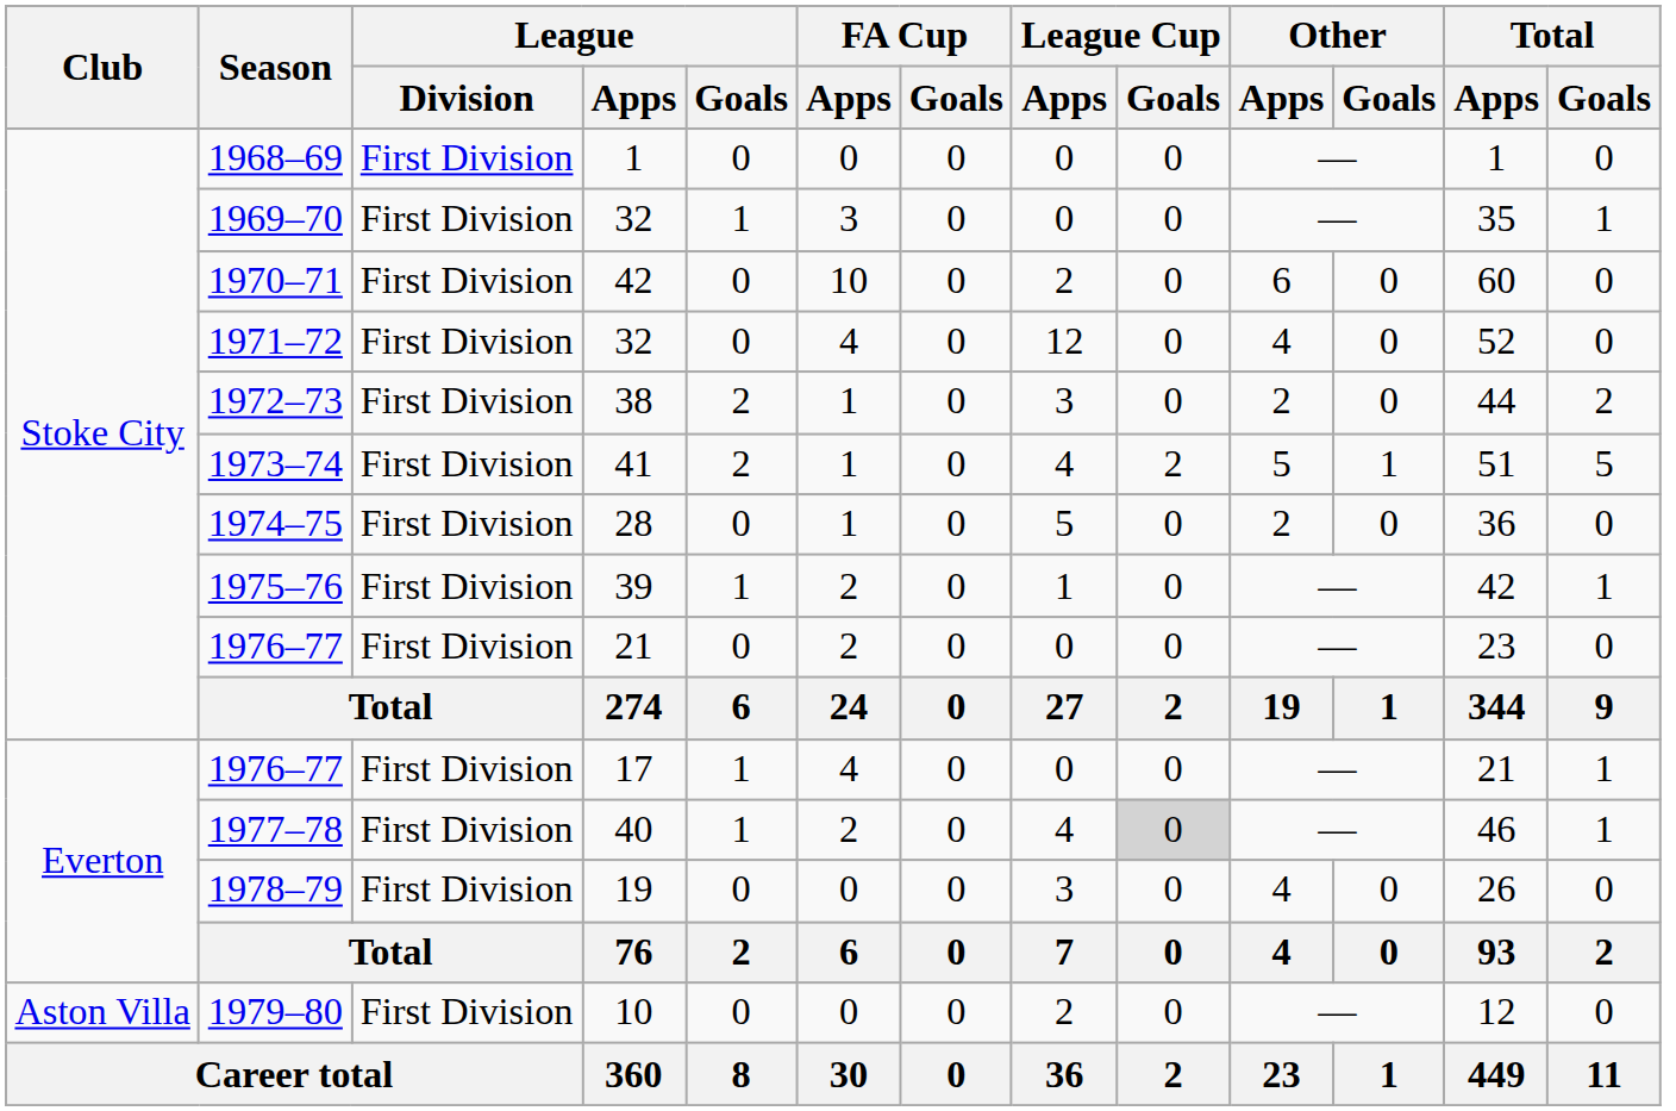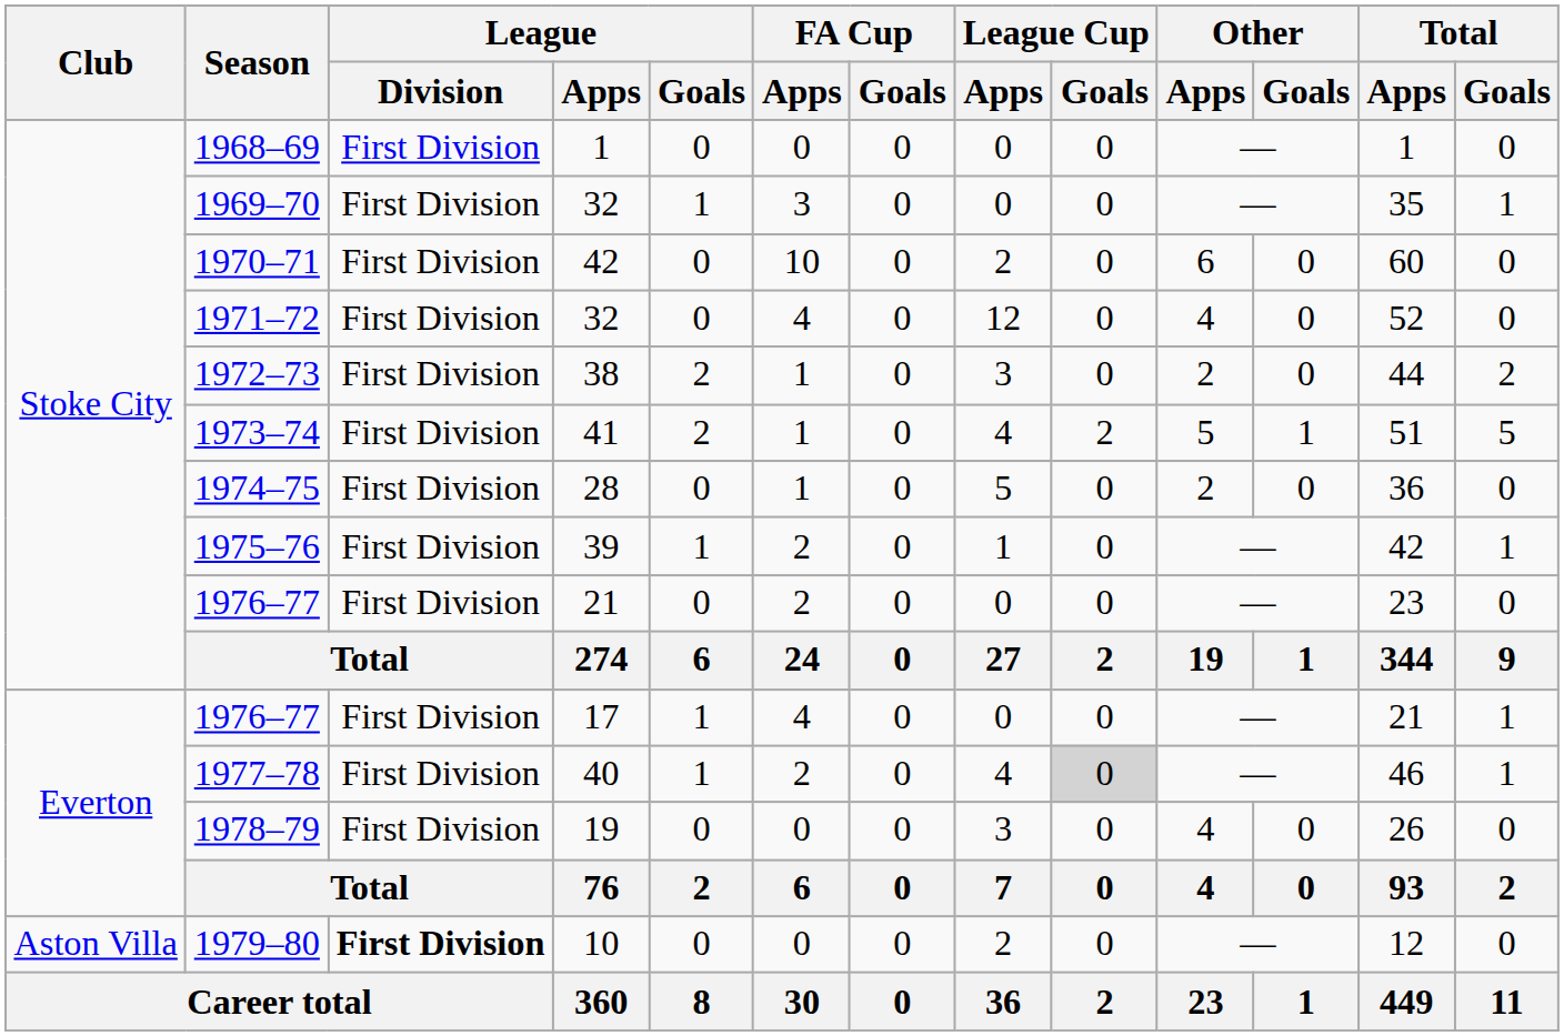 <table class="wikitable" style="text-align:center">
 <tr>
 <th rowspan="2">Club</th>
 <th rowspan="2">Season</th>
 <th colspan="3">League</th>
 <th colspan="2">FA Cup</th>
 <th colspan="2">League Cup</th>
 <th colspan="2">Other</th>
 <th colspan="2">Total</th>
 </tr>
 <tr>
 <th>Division</th>
 <th>Apps</th>
 <th>Goals</th>
 <th>Apps</th>
 <th>Goals</th>
 <th>Apps</th>
 <th>Goals</th>
 <th>Apps</th>
 <th>Goals</th>
 <th>Apps</th>
 <th>Goals</th>
 </tr>
 <tr>
 <td rowspan="10"><a href='#'>Stoke City</a></td>
 <td><a href='#'>1968–69</a></td>
 <td><a href='#'>First Division</a></td>
 <td>1</td>
 <td>0</td>
 <td>0</td>
 <td>0</td>
 <td>0</td>
 <td>0</td>
 <td colspan="2">—</td>
 <td>1</td>
 <td>0</td>
 </tr>
 <tr>
 <td><a href='#'>1969–70</a></td>
 <td>First Division</td>
 <td>32</td>
 <td>1</td>
 <td>3</td>
 <td>0</td>
 <td>0</td>
 <td>0</td>
 <td colspan="2">—</td>
 <td>35</td>
 <td>1</td>
 </tr>
 <tr>
 <td><a href='#'>1970–71</a></td>
 <td>First Division</td>
 <td>42</td>
 <td>0</td>
 <td>10</td>
 <td>0</td>
 <td>2</td>
 <td>0</td>
 <td>6</td>
 <td>0</td>
 <td>60</td>
 <td>0</td>
 </tr>
 <tr>
 <td><a href='#'>1971–72</a></td>
 <td>First Division</td>
 <td>32</td>
 <td>0</td>
 <td>4</td>
 <td>0</td>
 <td>12</td>
 <td>0</td>
 <td>4</td>
 <td>0</td>
 <td>52</td>
 <td>0</td>
 </tr>
 <tr>
 <td><a href='#'>1972–73</a></td>
 <td>First Division</td>
 <td>38</td>
 <td>2</td>
 <td>1</td>
 <td>0</td>
 <td>3</td>
 <td>0</td>
 <td>2</td>
 <td>0</td>
 <td>44</td>
 <td>2</td>
 </tr>
 <tr>
 <td><a href='#'>1973–74</a></td>
 <td>First Division</td>
 <td>41</td>
 <td>2</td>
 <td>1</td>
 <td>0</td>
 <td>4</td>
 <td>2</td>
 <td>5</td>
 <td>1</td>
 <td>51</td>
 <td>5</td>
 </tr>
 <tr>
 <td><a href='#'>1974–75</a></td>
 <td>First Division</td>
 <td>28</td>
 <td>0</td>
 <td>1</td>
 <td>0</td>
 <td>5</td>
 <td>0</td>
 <td>2</td>
 <td>0</td>
 <td>36</td>
 <td>0</td>
 </tr>
 <tr>
 <td><a href='#'>1975–76</a></td>
 <td>First Division</td>
 <td>39</td>
 <td>1</td>
 <td>2</td>
 <td>0</td>
 <td>1</td>
 <td>0</td>
 <td colspan="2">—</td>
 <td>42</td>
 <td>1</td>
 </tr>
 <tr>
 <td><a href='#'>1976–77</a></td>
 <td>First Division</td>
 <td>21</td>
 <td>0</td>
 <td>2</td>
 <td>0</td>
 <td>0</td>
 <td>0</td>
 <td colspan="2">—</td>
 <td>23</td>
 <td>0</td>
 </tr>
 <tr>
 <th colspan="2">Total</th>
 <th>274</th>
 <th>6</th>
 <th>24</th>
 <th>0</th>
 <th>27</th>
 <th>2</th>
 <th>19</th>
 <th>1</th>
 <th>344</th>
 <th>9</th>
 </tr>
 <tr>
 <td rowspan="4"><a href='#'>Everton</a></td>
 <td><a href='#'>1976–77</a></td>
 <td>First Division</td>
 <td>17</td>
 <td>1</td>
 <td>4</td>
 <td>0</td>
 <td>0</td>
 <td>0</td>
 <td colspan="2">—</td>
 <td>21</td>
 <td>1</td>
 </tr>
 <tr>
 <td><a href='#'>1977–78</a></td>
 <td>First Division</td>
 <td>40</td>
 <td>1</td>
 <td>2</td>
 <td>0</td>
 <td>4</td>
 <td style="background: lightgrey;">0</td>
 <td colspan="2">—</td>
 <td>46</td>
 <td>1</td>
 </tr>
 <tr>
 <td><a href='#'>1978–79</a></td>
 <td>First Division</td>
 <td>19</td>
 <td>0</td>
 <td>0</td>
 <td>0</td>
 <td>3</td>
 <td>0</td>
 <td>4</td>
 <td>0</td>
 <td>26</td>
 <td>0</td>
 </tr>
 <tr>
 <th colspan="2">Total</th>
 <th>76</th>
 <th>2</th>
 <th>6</th>
 <th>0</th>
 <th>7</th>
 <th>0</th>
 <th>4</th>
 <th>0</th>
 <th>93</th>
 <th>2</th>
 </tr>
 <tr>
 <td><a href='#'>Aston Villa</a></td>
 <td><a href='#'>1979–80</a></td>
-<td>First Division</td>
+<td><strong>First Division</strong></td>
 <td>10</td>
 <td>0</td>
 <td>0</td>
 <td>0</td>
 <td>2</td>
 <td>0</td>
 <td colspan="2">—</td>
 <td>12</td>
 <td>0</td>
 </tr>
 <tr>
 <th colspan="3">Career total</th>
 <th>360</th>
 <th>8</th>
 <th>30</th>
 <th>0</th>
 <th>36</th>
 <th>2</th>
 <th>23</th>
 <th>1</th>
 <th>449</th>
 <th>11</th>
 </tr>
 </table>
